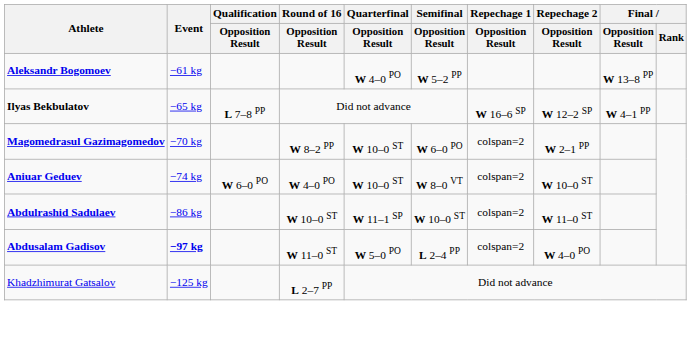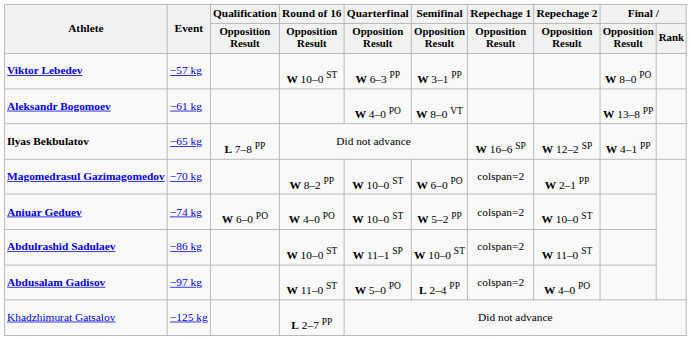 <table class="wikitable" style="text-align:center; font-size:90%">
 <tr>
 <th rowspan=2>Athlete</th>
 <th rowspan=2>Event</th>
 <th>Qualification</th>
 <th>Round of 16</th>
 <th>Quarterfinal</th>
 <th>Semifinal</th>
 <th>Repechage 1</th>
 <th>Repechage 2</th>
 <th colspan=2>Final / </th>
 </tr>
 <tr style="font-size: 95%">
 <th>Opposition<br>Result</th>
 <th>Opposition<br>Result</th>
 <th>Opposition<br>Result</th>
 <th>Opposition<br>Result</th>
 <th>Opposition<br>Result</th>
 <th>Opposition<br>Result</th>
 <th>Opposition<br>Result</th>
 <th>Rank</th>
 </tr>
 <tr>
+<td align=left><strong><a href='#'>Viktor Lebedev</a></strong></td>
+<td align=left><a href='#'>−57 kg</a></td>
+<td></td>
+<td><br><strong>W</strong> 10–0 <sup>ST</sup></td>
+<td><br><strong>W</strong> 6–3 <sup>PP</sup></td>
+<td><br><strong>W</strong> 3–1 <sup>PP</sup></td>
+<td></td>
+<td></td>
+<td><br><strong>W</strong> 8–0 <sup>PO</sup></td>
+<td></td>
+</tr>
+<tr>
 <td align=left><strong><a href='#'>Aleksandr Bogomoev</a></strong></td>
 <td align=left><a href='#'>−61 kg</a></td>
 <td></td>
 <td></td>
 <td><br><strong>W</strong> 4–0 <sup>PO</sup></td>
-<td><br><strong>W</strong> 5–2 <sup>PP</sup></td>
+<td><br><strong>W</strong> 8–0 <sup>VT</sup></td>
 <td></td>
 <td></td>
 <td><br><strong>W</strong> 13–8 <sup>PP</sup></td>
 <td></td>
 </tr>
 <tr>
 <td align=left><strong>Ilyas Bekbulatov</strong></td>
 <td align=left><a href='#'>−65 kg</a></td>
 <td><br><strong>L</strong> 7–8 <sup>PP</sup></td>
 <td colspan=3>Did not advance</td>
 <td><br><strong>W</strong> 16–6 <sup>SP</sup></td>
 <td><br><strong>W</strong> 12–2 <sup>SP</sup></td>
 <td><br><strong>W</strong> 4–1 <sup>PP</sup></td>
 <td></td>
 </tr>
 <tr>
 <td align=left><strong><a href='#'>Magomedrasul Gazimagomedov</a></strong></td>
 <td align=left><a href='#'>−70 kg</a></td>
 <td></td>
 <td><br><strong>W</strong> 8–2 <sup>PP</sup></td>
 <td><br><strong>W</strong> 10–0 <sup>ST</sup></td>
 <td><br><strong>W</strong> 6–0 <sup>PO</sup></td>
 <td>colspan=2 </td>
 <td><br><strong>W</strong> 2–1 <sup>PP</sup></td>
 <td></td>
 </tr>
 <tr>
 <td align=left><strong><a href='#'>Aniuar Geduev</a></strong></td>
 <td align=left><a href='#'>−74 kg</a></td>
 <td><br><strong>W</strong> 6–0 <sup>PO</sup></td>
 <td GRE><br><strong>W</strong> 4–0 <sup>PO</sup></td>
 <td><br><strong>W</strong> 10–0 <sup>ST</sup></td>
-<td><br><strong>W</strong> 8–0 <sup>VT</sup></td>
+<td><br><strong>W</strong> 5–2 <sup>PP</sup></td>
 <td>colspan=2 </td>
 <td><br><strong>W</strong> 10–0 <sup>ST</sup></td>
 <td></td>
 </tr>
 <tr>
 <td align=left><strong><a href='#'>Abdulrashid Sadulaev</a></strong></td>
 <td align=left><a href='#'>−86 kg</a></td>
 <td></td>
 <td><br><strong>W</strong> 10–0 <sup>ST</sup></td>
 <td><br><strong>W</strong> 11–1 <sup>SP</sup></td>
 <td><br><strong>W</strong> 10–0 <sup>ST</sup></td>
 <td>colspan=2 </td>
 <td><br><strong>W</strong> 11–0 <sup>ST</sup></td>
 <td></td>
 </tr>
 <tr>
 <td align=left><strong><a href='#'>Abdusalam Gadisov</a></strong></td>
-<td align=left><strong><a href='#'>−97 kg</a></strong></td>
+<td align=left><a href='#'>−97 kg</a></td>
 <td></td>
 <td><br><strong>W</strong> 11–0 <sup>ST</sup></td>
 <td><br><strong>W</strong> 5–0 <sup>PO</sup></td>
 <td><br><strong>L</strong> 2–4 <sup>PP</sup></td>
 <td>colspan=2 </td>
 <td><br><strong>W</strong> 4–0 <sup>PO</sup></td>
 <td></td>
 </tr>
 <tr>
 <td align=left><a href='#'>Khadzhimurat Gatsalov</a></td>
 <td align=left><a href='#'>−125 kg</a></td>
 <td></td>
 <td><br><strong>L</strong> 2–7 <sup>PP</sup></td>
 <td colspan=6>Did not advance</td>
 </tr>
 </table>
